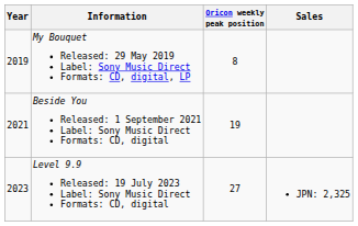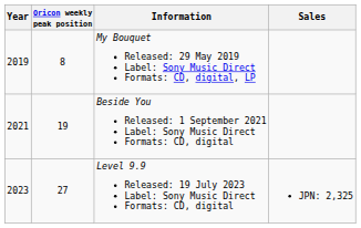 <table class="wikitable">
 <tr>
 <th>Year</th>
+<th><small><a href='#'>Oricon</a> weekly<br>peak position</small></th>
 <th>Information</th>
-<th><small><a href='#'>Oricon</a> weekly<br>peak position</small></th>
 <th>Sales</th>
 </tr>
 <tr>
 <td>2019</td>
+<td style="text-align:center;">8</td>
 <td><em>My Bouquet</em><br><ul><li>Released: 29 May 2019</li><li>Label: <a href='#'>Sony Music Direct</a></li><li>Formats: <a href='#'>CD</a>, <a href='#'>digital</a>, <a href='#'>LP</a></li></ul></td>
-<td style="text-align:center;">8</td>
 <td></td>
 </tr>
 <tr>
 <td>2021</td>
+<td style="text-align:center;">19</td>
 <td><em>Beside You</em><br><ul><li>Released: 1 September 2021</li><li>Label: Sony Music Direct</li><li>Formats: CD, digital</li></ul></td>
-<td style="text-align:center;">19</td>
 <td></td>
 </tr>
 <tr>
 <td>2023</td>
+<td style="text-align:center;">27</td>
 <td><em>Level 9.9</em><br><ul><li>Released: 19 July 2023</li><li>Label: Sony Music Direct</li><li>Formats: CD, digital</li></ul></td>
-<td style="text-align:center;">27</td>
 <td><br><ul><li>JPN: 2,325</li></ul></td>
 </tr>
 </table>
